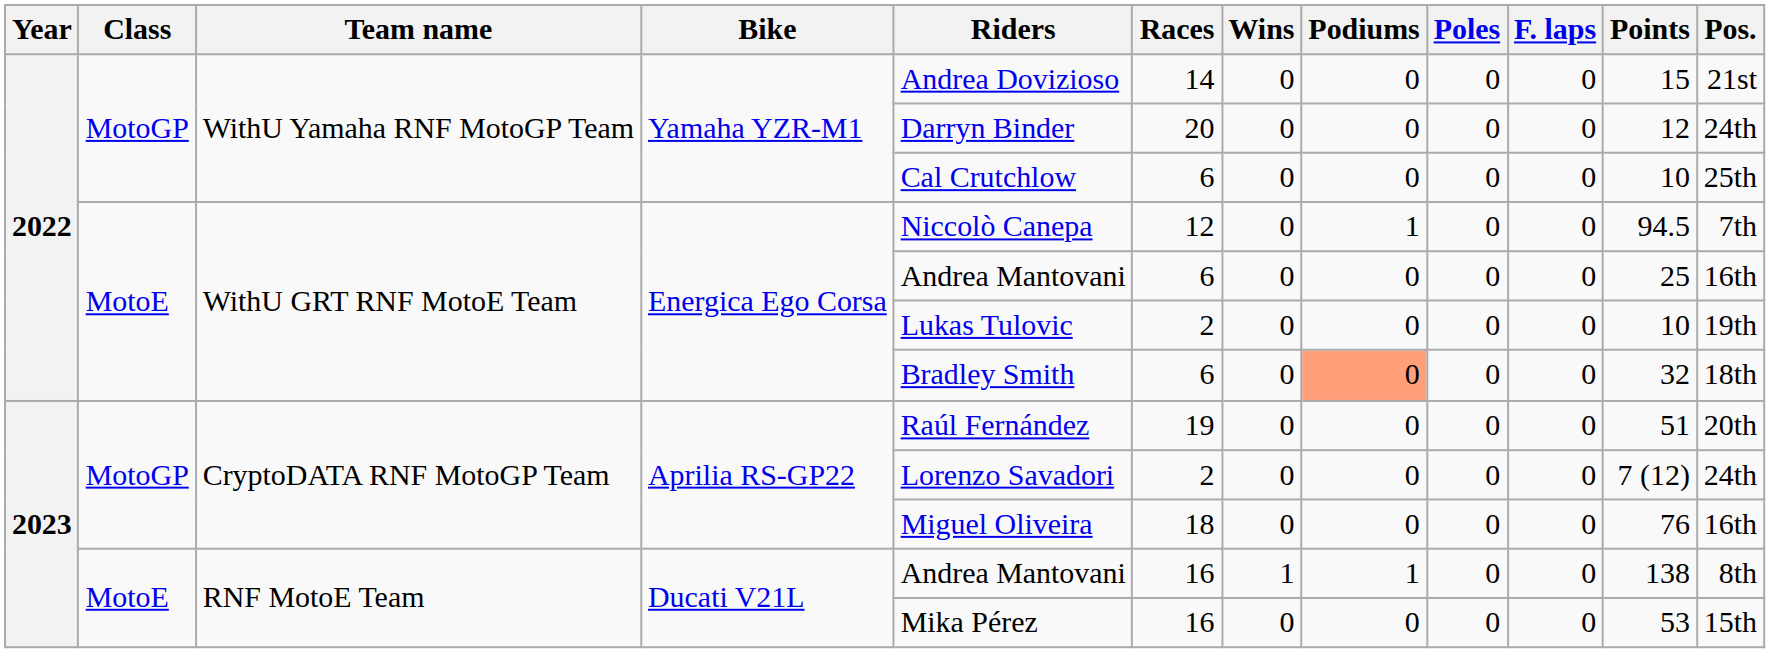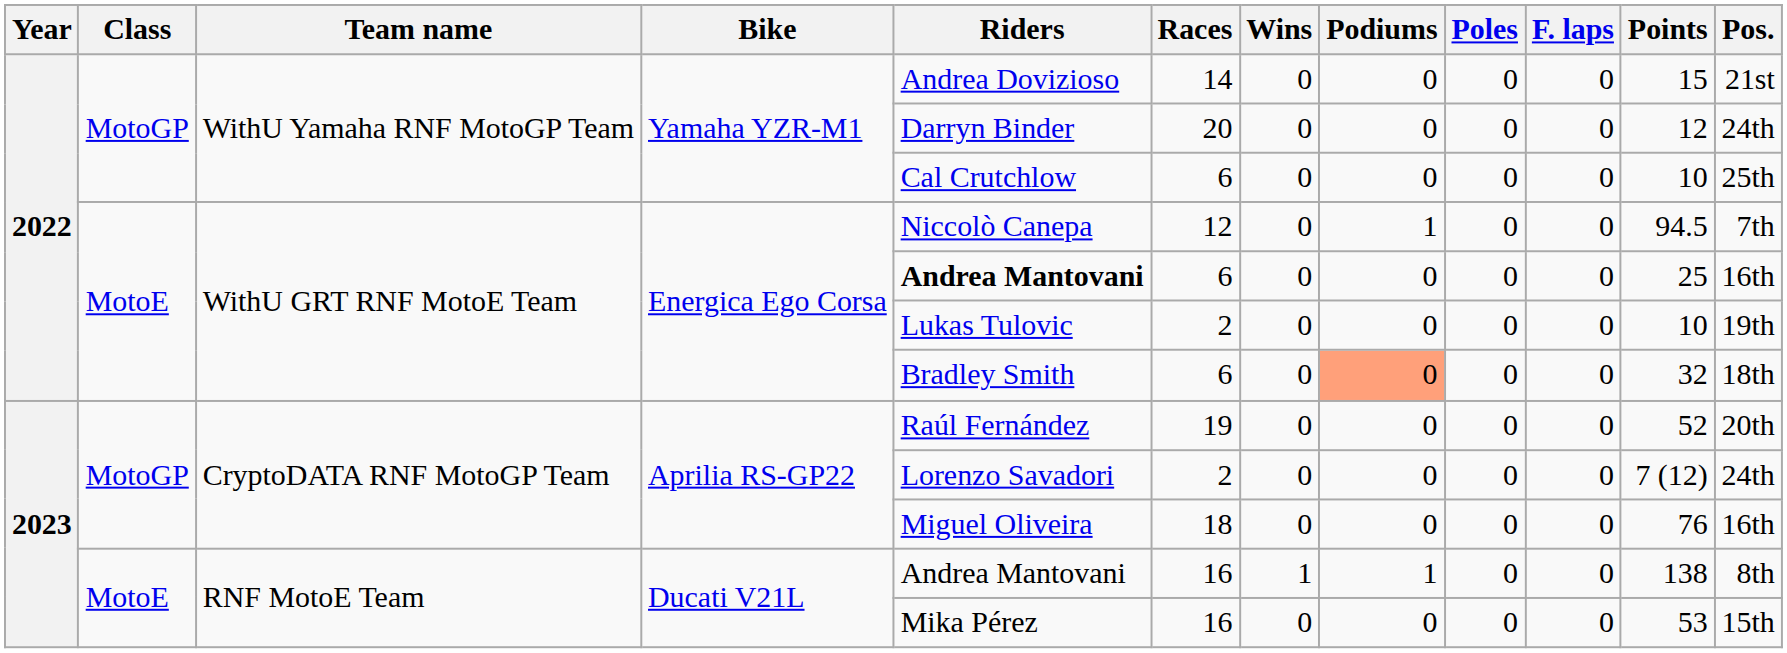 <table class="wikitable" style="text-align:right; font-size:95%">
 <tr>
 <th scope="col">Year</th>
 <th scope="col">Class</th>
 <th scope="col">Team name</th>
 <th scope="col">Bike</th>
 <th scope="col">Riders</th>
 <th scope="col">Races</th>
 <th scope="col">Wins</th>
 <th scope="col">Podiums</th>
 <th scope="col"><a href='#'>Poles</a></th>
 <th scope="col"><a href='#'>F. laps</a></th>
 <th scope="col">Points</th>
 <th scope="col">Pos.</th>
 </tr>
 <tr>
 <th rowspan="7" align="left">2022</th>
 <td rowspan="3" align="left"><a href='#'>MotoGP</a></td>
 <td rowspan="3" align="left">WithU Yamaha RNF MotoGP Team</td>
 <td rowspan="3" align="left"><a href='#'>Yamaha YZR-M1</a></td>
 <td align="left"> <a href='#'>Andrea Dovizioso</a></td>
 <td>14</td>
 <td>0</td>
 <td>0</td>
 <td>0</td>
 <td>0</td>
 <td>15</td>
 <td>21st</td>
 </tr>
 <tr>
 <td align="left"> <a href='#'>Darryn Binder</a></td>
 <td>20</td>
 <td>0</td>
 <td>0</td>
 <td>0</td>
 <td>0</td>
 <td>12</td>
 <td>24th</td>
 </tr>
 <tr>
 <td align="left"> <a href='#'>Cal Crutchlow</a></td>
 <td>6</td>
 <td>0</td>
 <td>0</td>
 <td>0</td>
 <td>0</td>
 <td>10</td>
 <td>25th</td>
 </tr>
 <tr>
 <td rowspan="4" align="left"><a href='#'>MotoE</a></td>
 <td rowspan="4" align="left">WithU GRT RNF MotoE Team</td>
 <td rowspan="4" align="left"><a href='#'>Energica Ego Corsa</a></td>
 <td align="left"> <a href='#'>Niccolò Canepa</a></td>
 <td>12</td>
 <td>0</td>
 <td>1</td>
 <td>0</td>
 <td>0</td>
 <td>94.5</td>
 <td>7th</td>
 </tr>
 <tr>
-<td align="left"> Andrea Mantovani</td>
+<td align="left"><strong> Andrea Mantovani</strong></td>
 <td>6</td>
 <td>0</td>
 <td>0</td>
 <td>0</td>
 <td>0</td>
 <td>25</td>
 <td>16th</td>
 </tr>
 <tr>
 <td align="left"> <a href='#'>Lukas Tulovic</a></td>
 <td>2</td>
 <td>0</td>
 <td>0</td>
 <td>0</td>
 <td>0</td>
 <td>10</td>
 <td>19th</td>
 </tr>
 <tr>
 <td align="left"> <a href='#'>Bradley Smith</a></td>
 <td>6</td>
 <td>0</td>
 <td style="background: lightsalmon;">0</td>
 <td>0</td>
 <td>0</td>
 <td>32</td>
 <td>18th</td>
 </tr>
 <tr>
 <th rowspan="5">2023</th>
 <td rowspan="3"><a href='#'>MotoGP</a></td>
 <td rowspan="3" align="left">CryptoDATA RNF MotoGP Team</td>
 <td rowspan="3" align="left"><a href='#'>Aprilia RS-GP22</a></td>
 <td align="left"> <a href='#'>Raúl Fernández</a></td>
 <td>19</td>
 <td>0</td>
 <td>0</td>
 <td>0</td>
 <td>0</td>
-<td>51</td>
+<td>52</td>
 <td>20th</td>
 </tr>
 <tr>
 <td align="left"> <a href='#'>Lorenzo Savadori</a></td>
 <td>2</td>
 <td>0</td>
 <td>0</td>
 <td>0</td>
 <td>0</td>
 <td>7 (12)</td>
 <td>24th</td>
 </tr>
 <tr>
 <td align="left"> <a href='#'>Miguel Oliveira</a></td>
 <td>18</td>
 <td>0</td>
 <td>0</td>
 <td>0</td>
 <td>0</td>
 <td>76</td>
 <td>16th</td>
 </tr>
 <tr>
 <td rowspan="2" align="left"><a href='#'>MotoE</a></td>
 <td rowspan="2" align="left">RNF MotoE Team</td>
 <td rowspan="2" align="left"><a href='#'>Ducati V21L</a></td>
 <td align="left"> Andrea Mantovani</td>
 <td>16</td>
 <td>1</td>
 <td>1</td>
 <td>0</td>
 <td>0</td>
 <td>138</td>
 <td>8th</td>
 </tr>
 <tr>
 <td align="left"> Mika Pérez</td>
 <td>16</td>
 <td>0</td>
 <td>0</td>
 <td>0</td>
 <td>0</td>
 <td>53</td>
 <td>15th</td>
 </tr>
 </table>
